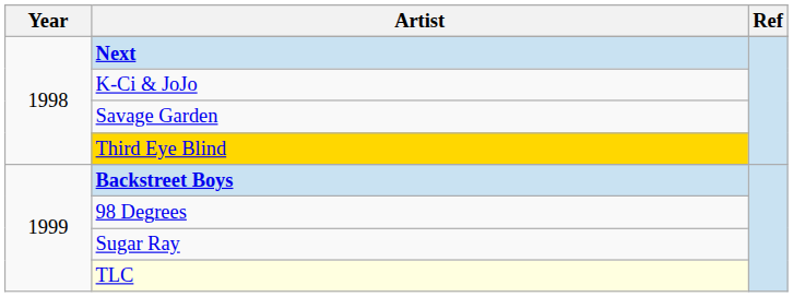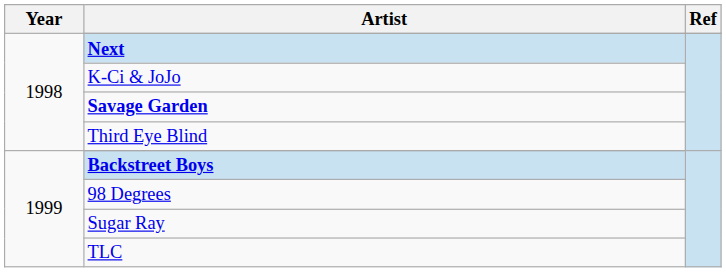 <table class="wikitable" style="width:100%;">
 <tr style="background:#bebebe;">
 <th style="width:11%;">Year</th>
 <th style="width:84%;">Artist</th>
 <th style="width:5%;">Ref</th>
 </tr>
 <tr>
 <td rowspan="5" align="center">1998</td>
 </tr>
 <tr style="background:#c9e2f2">
 <td><strong><a href='#'>Next</a></strong></td>
 <td rowspan="5" align="center"></td>
 </tr>
 <tr>
 <td><a href='#'>K-Ci & JoJo</a></td>
 </tr>
 <tr>
-<td><a href='#'>Savage Garden</a></td>
+<td><strong><a href='#'>Savage Garden</a></strong></td>
 </tr>
 <tr>
-<td style="background: gold;"><a href='#'>Third Eye Blind</a></td>
+<td><a href='#'>Third Eye Blind</a></td>
 </tr>
 <tr>
 <td rowspan="5" align="center">1999</td>
 </tr>
 <tr style="background:#c9e2f2">
 <td><strong><a href='#'>Backstreet Boys</a></strong></td>
 <td rowspan="5" align="center"></td>
 </tr>
 <tr>
 <td><a href='#'>98 Degrees</a></td>
 </tr>
 <tr>
 <td><a href='#'>Sugar Ray</a></td>
 </tr>
 <tr>
-<td style="background: lightyellow;"><a href='#'>TLC</a></td>
+<td><a href='#'>TLC</a></td>
 </tr>
 </table>
